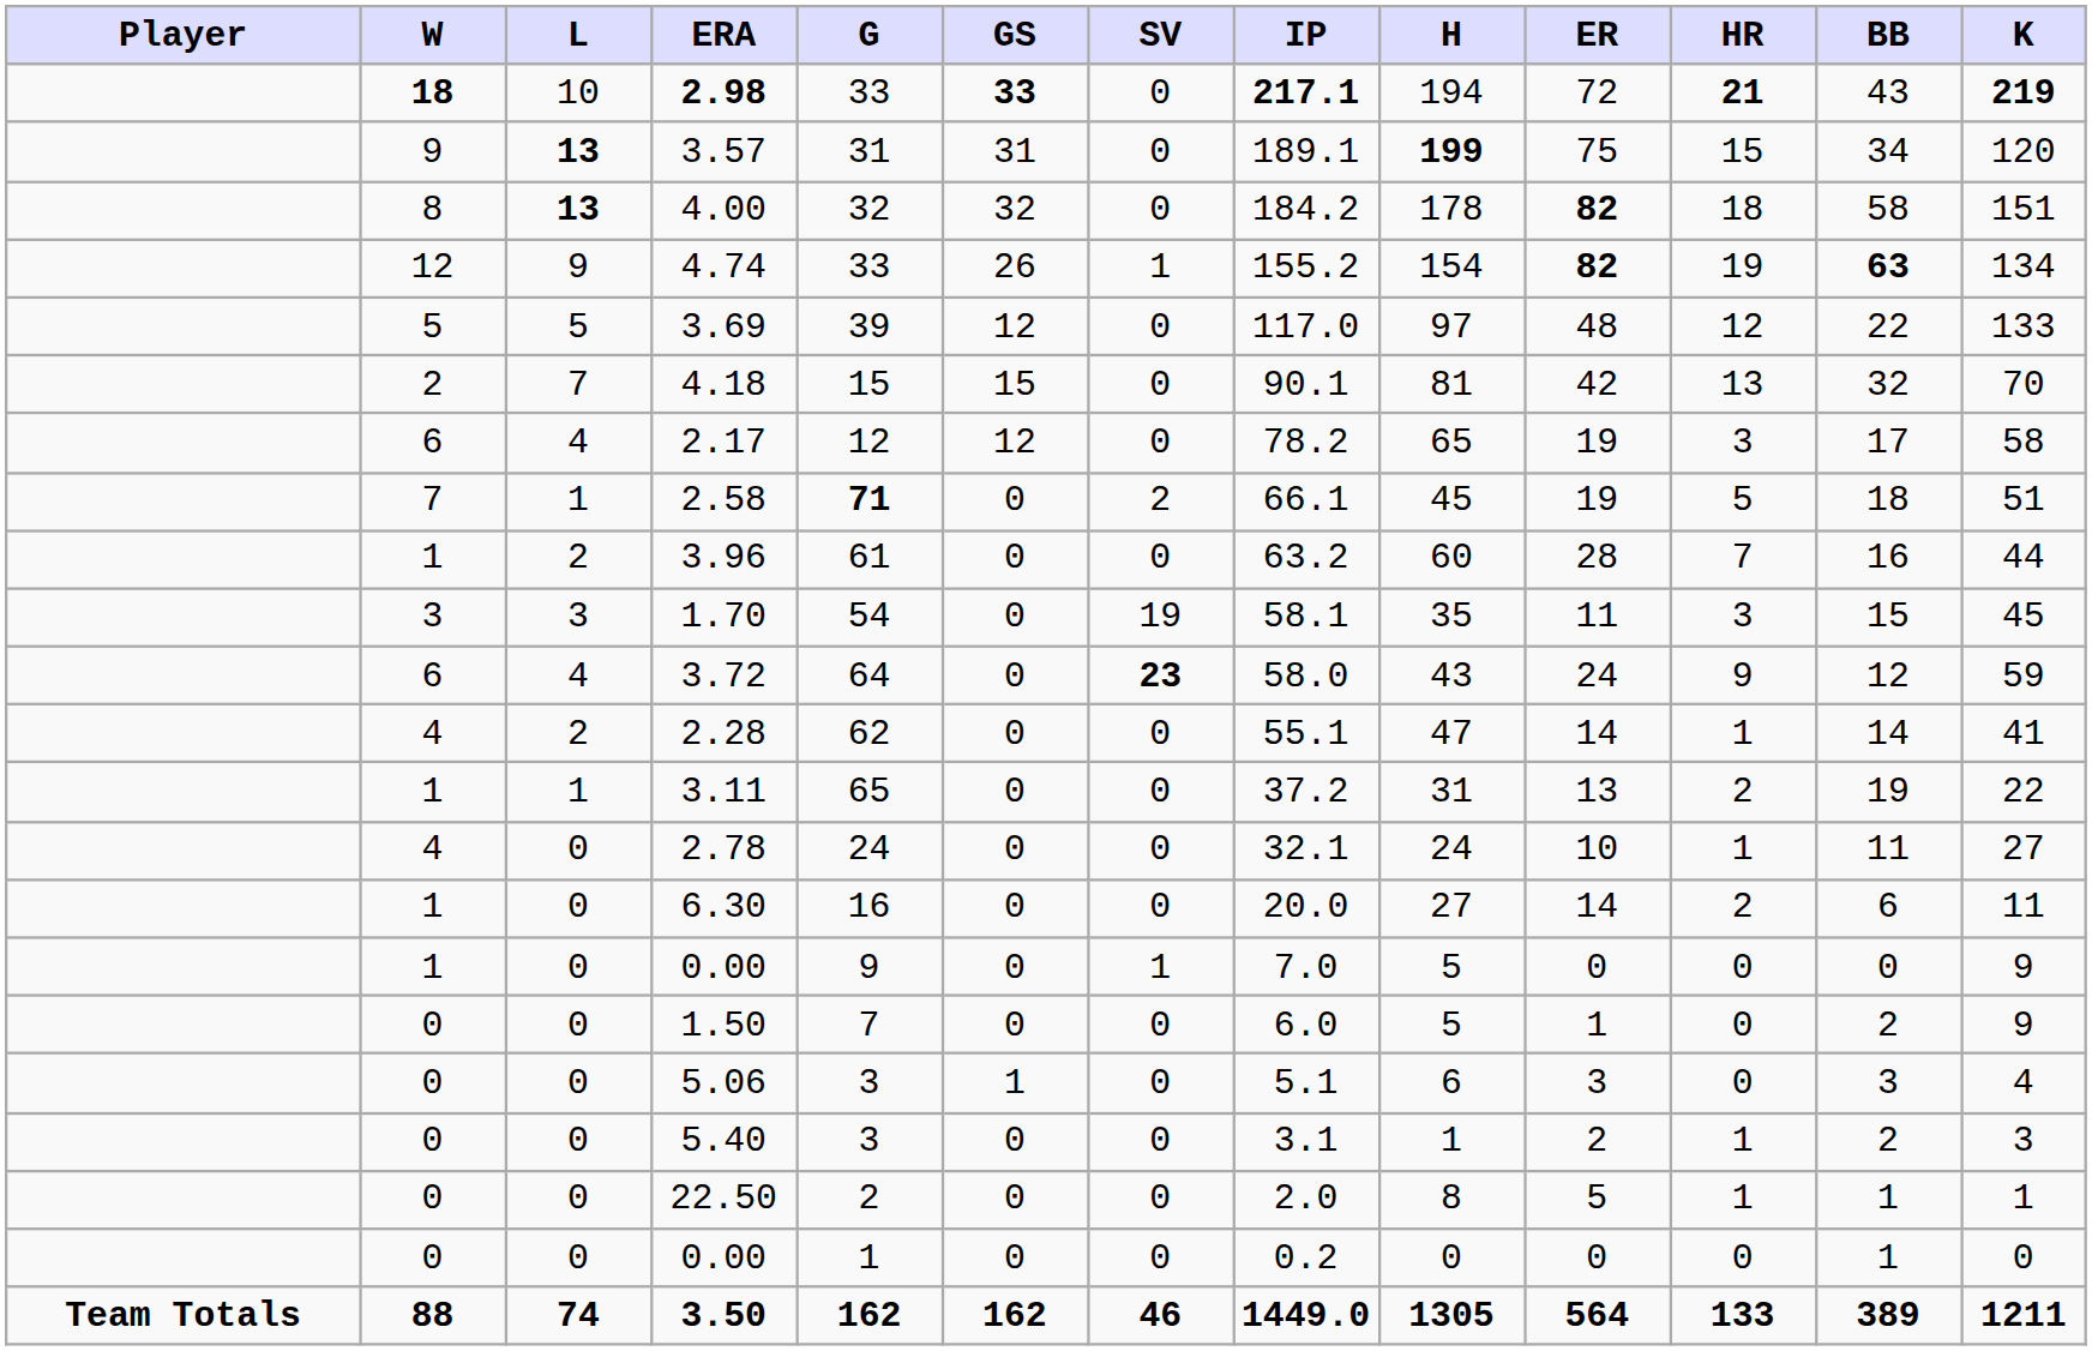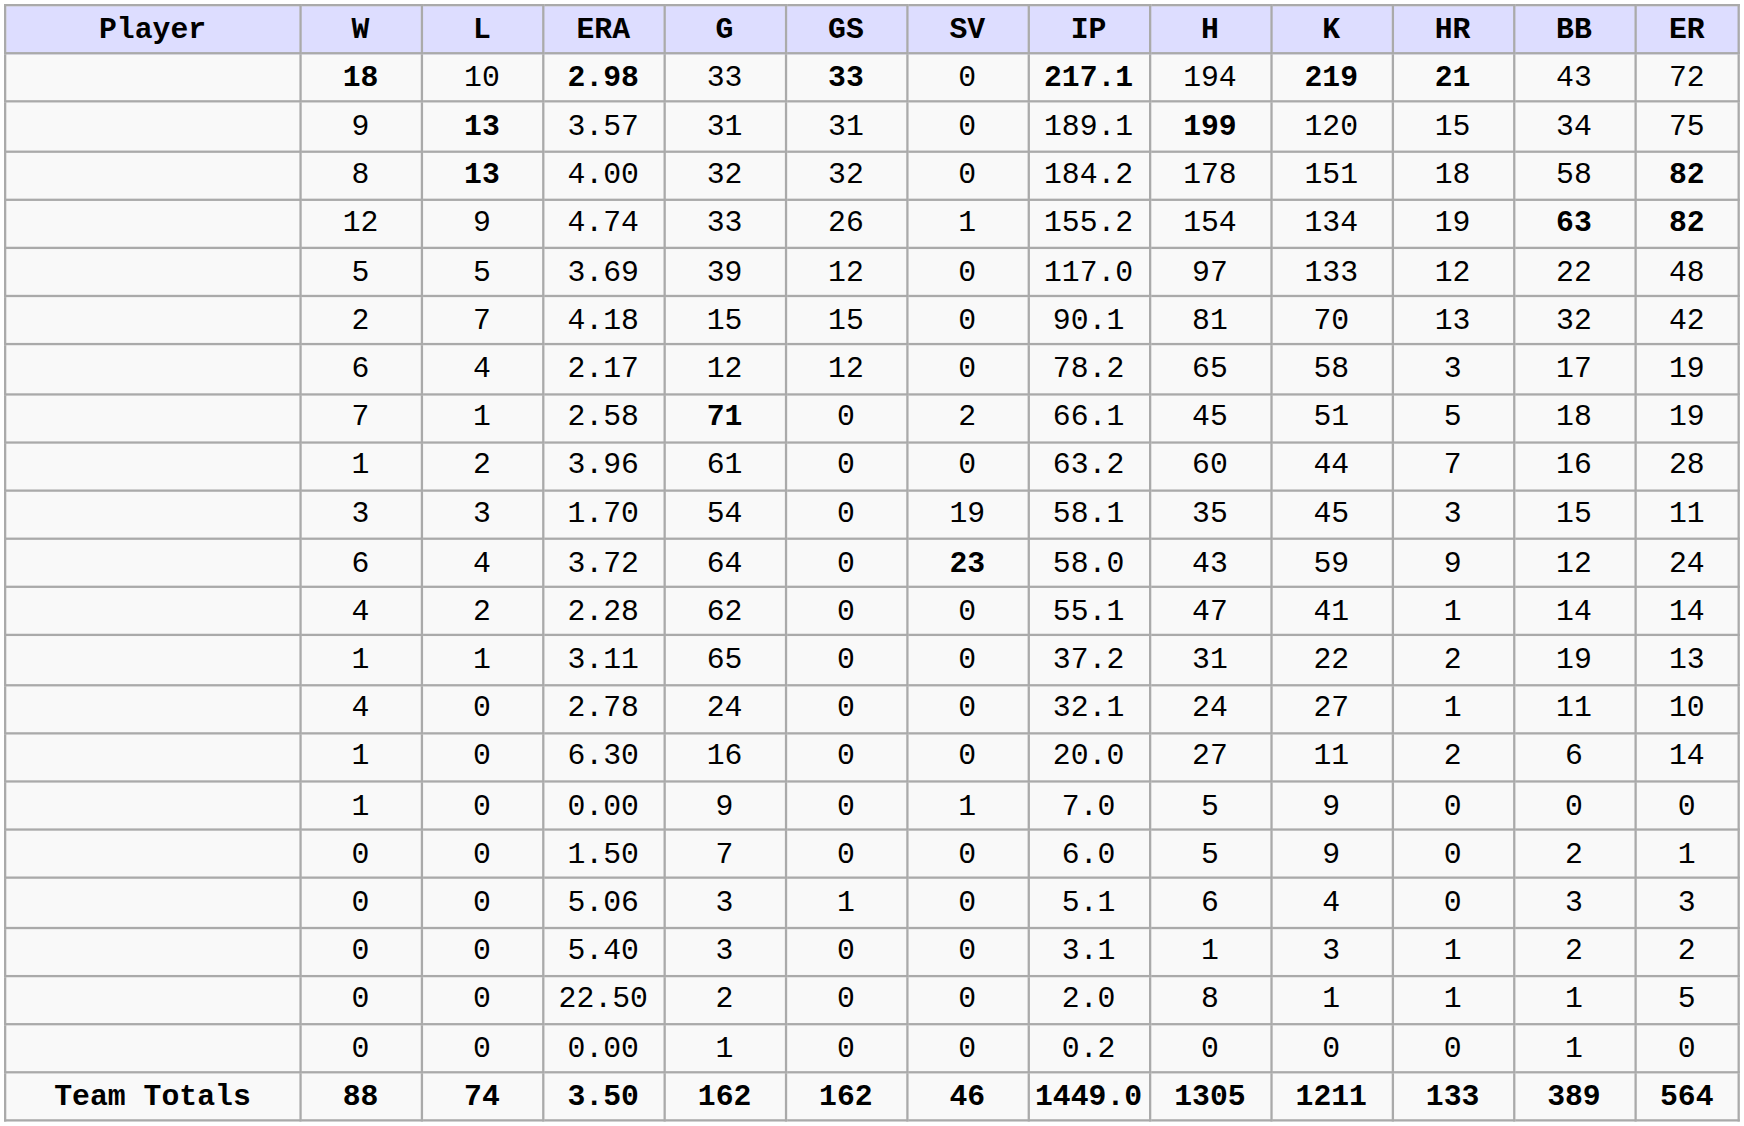 <table class="wikitable sortable" style="text-align:center; border:1px;; cellpadding:2; cellspacing:0;">
 <tr>
 <th style="background:#ddf; width:17%;">Player</th>
 <th style="background:#ddf; width:7%;">W</th>
 <th style="background:#ddf; width:7%;">L</th>
 <th style="background:#ddf; width:7%;">ERA</th>
 <th style="background:#ddf; width:7%;">G</th>
 <th style="background:#ddf; width:7%;">GS</th>
 <th style="background:#ddf; width:7%;">SV</th>
 <th style="background:#ddf; width:7%;">IP</th>
 <th style="background:#ddf; width:7%;">H</th>
-<th style="background:#ddf; width:7%;">ER</th>
+<th style="background:#ddf; width:7%;">K</th>
 <th style="background:#ddf; width:7%;">HR</th>
 <th style="background:#ddf; width:7%;">BB</th>
-<th style="background:#ddf; width:7%;">K</th>
+<th style="background:#ddf; width:7%;">ER</th>
 </tr>
 <tr>
 <td></td>
 <td><strong>18</strong></td>
 <td>10</td>
 <td><strong>2.98</strong></td>
 <td>33</td>
 <td><strong>33</strong></td>
 <td>0</td>
 <td><strong>217.1</strong></td>
 <td>194</td>
-<td>72</td>
+<td><strong>219</strong></td>
 <td><strong>21</strong></td>
 <td>43</td>
-<td><strong>219</strong></td>
+<td>72</td>
 </tr>
 <tr>
 <td></td>
 <td>9</td>
 <td><strong>13</strong></td>
 <td>3.57</td>
 <td>31</td>
 <td>31</td>
 <td>0</td>
 <td>189.1</td>
 <td><strong>199</strong></td>
-<td>75</td>
+<td>120</td>
 <td>15</td>
 <td>34</td>
-<td>120</td>
+<td>75</td>
 </tr>
 <tr>
 <td></td>
 <td>8</td>
 <td><strong>13</strong></td>
 <td>4.00</td>
 <td>32</td>
 <td>32</td>
 <td>0</td>
 <td>184.2</td>
 <td>178</td>
-<td><strong>82</strong></td>
+<td>151</td>
 <td>18</td>
 <td>58</td>
-<td>151</td>
+<td><strong>82</strong></td>
 </tr>
 <tr>
 <td></td>
 <td>12</td>
 <td>9</td>
 <td>4.74</td>
 <td>33</td>
 <td>26</td>
 <td>1</td>
 <td>155.2</td>
 <td>154</td>
-<td><strong>82</strong></td>
+<td>134</td>
 <td>19</td>
 <td><strong>63</strong></td>
-<td>134</td>
+<td><strong>82</strong></td>
 </tr>
 <tr>
 <td></td>
 <td>5</td>
 <td>5</td>
 <td>3.69</td>
 <td>39</td>
 <td>12</td>
 <td>0</td>
 <td>117.0</td>
 <td>97</td>
-<td>48</td>
+<td>133</td>
 <td>12</td>
 <td>22</td>
-<td>133</td>
+<td>48</td>
 </tr>
 <tr>
 <td></td>
 <td>2</td>
 <td>7</td>
 <td>4.18</td>
 <td>15</td>
 <td>15</td>
 <td>0</td>
 <td>90.1</td>
 <td>81</td>
-<td>42</td>
+<td>70</td>
 <td>13</td>
 <td>32</td>
-<td>70</td>
+<td>42</td>
 </tr>
 <tr>
 <td></td>
 <td>6</td>
 <td>4</td>
 <td>2.17</td>
 <td>12</td>
 <td>12</td>
 <td>0</td>
 <td>78.2</td>
 <td>65</td>
-<td>19</td>
+<td>58</td>
 <td>3</td>
 <td>17</td>
-<td>58</td>
+<td>19</td>
 </tr>
 <tr>
 <td></td>
 <td>7</td>
 <td>1</td>
 <td>2.58</td>
 <td><strong>71</strong></td>
 <td>0</td>
 <td>2</td>
 <td>66.1</td>
 <td>45</td>
-<td>19</td>
+<td>51</td>
 <td>5</td>
 <td>18</td>
-<td>51</td>
+<td>19</td>
 </tr>
 <tr>
 <td></td>
 <td>1</td>
 <td>2</td>
 <td>3.96</td>
 <td>61</td>
 <td>0</td>
 <td>0</td>
 <td>63.2</td>
 <td>60</td>
-<td>28</td>
+<td>44</td>
 <td>7</td>
 <td>16</td>
-<td>44</td>
+<td>28</td>
 </tr>
 <tr>
 <td></td>
 <td>3</td>
 <td>3</td>
 <td>1.70</td>
 <td>54</td>
 <td>0</td>
 <td>19</td>
 <td>58.1</td>
 <td>35</td>
-<td>11</td>
+<td>45</td>
 <td>3</td>
 <td>15</td>
-<td>45</td>
+<td>11</td>
 </tr>
 <tr>
 <td></td>
 <td>6</td>
 <td>4</td>
 <td>3.72</td>
 <td>64</td>
 <td>0</td>
 <td><strong>23</strong></td>
 <td>58.0</td>
 <td>43</td>
-<td>24</td>
+<td>59</td>
 <td>9</td>
 <td>12</td>
-<td>59</td>
+<td>24</td>
 </tr>
 <tr>
 <td></td>
 <td>4</td>
 <td>2</td>
 <td>2.28</td>
 <td>62</td>
 <td>0</td>
 <td>0</td>
 <td>55.1</td>
 <td>47</td>
-<td>14</td>
+<td>41</td>
 <td>1</td>
 <td>14</td>
-<td>41</td>
+<td>14</td>
 </tr>
 <tr>
 <td></td>
 <td>1</td>
 <td>1</td>
 <td>3.11</td>
 <td>65</td>
 <td>0</td>
 <td>0</td>
 <td>37.2</td>
 <td>31</td>
-<td>13</td>
+<td>22</td>
 <td>2</td>
 <td>19</td>
-<td>22</td>
+<td>13</td>
 </tr>
 <tr>
 <td></td>
 <td>4</td>
 <td>0</td>
 <td>2.78</td>
 <td>24</td>
 <td>0</td>
 <td>0</td>
 <td>32.1</td>
 <td>24</td>
-<td>10</td>
+<td>27</td>
 <td>1</td>
 <td>11</td>
-<td>27</td>
+<td>10</td>
 </tr>
 <tr>
 <td></td>
 <td>1</td>
 <td>0</td>
 <td>6.30</td>
 <td>16</td>
 <td>0</td>
 <td>0</td>
 <td>20.0</td>
 <td>27</td>
-<td>14</td>
+<td>11</td>
 <td>2</td>
 <td>6</td>
-<td>11</td>
+<td>14</td>
 </tr>
 <tr>
 <td></td>
 <td>1</td>
 <td>0</td>
 <td>0.00</td>
 <td>9</td>
 <td>0</td>
 <td>1</td>
 <td>7.0</td>
 <td>5</td>
+<td>9</td>
 <td>0</td>
 <td>0</td>
 <td>0</td>
-<td>9</td>
 </tr>
 <tr>
 <td></td>
 <td>0</td>
 <td>0</td>
 <td>1.50</td>
 <td>7</td>
 <td>0</td>
 <td>0</td>
 <td>6.0</td>
 <td>5</td>
-<td>1</td>
+<td>9</td>
 <td>0</td>
 <td>2</td>
-<td>9</td>
+<td>1</td>
 </tr>
 <tr>
 <td></td>
 <td>0</td>
 <td>0</td>
 <td>5.06</td>
 <td>3</td>
 <td>1</td>
 <td>0</td>
 <td>5.1</td>
 <td>6</td>
-<td>3</td>
+<td>4</td>
 <td>0</td>
 <td>3</td>
-<td>4</td>
+<td>3</td>
 </tr>
 <tr>
 <td></td>
 <td>0</td>
 <td>0</td>
 <td>5.40</td>
 <td>3</td>
 <td>0</td>
 <td>0</td>
 <td>3.1</td>
 <td>1</td>
-<td>2</td>
+<td>3</td>
 <td>1</td>
 <td>2</td>
-<td>3</td>
+<td>2</td>
 </tr>
 <tr>
 <td></td>
 <td>0</td>
 <td>0</td>
 <td>22.50</td>
 <td>2</td>
 <td>0</td>
 <td>0</td>
 <td>2.0</td>
 <td>8</td>
-<td>5</td>
 <td>1</td>
 <td>1</td>
 <td>1</td>
+<td>5</td>
 </tr>
 <tr>
 <td></td>
 <td>0</td>
 <td>0</td>
 <td>0.00</td>
 <td>1</td>
 <td>0</td>
 <td>0</td>
 <td>0.2</td>
 <td>0</td>
 <td>0</td>
 <td>0</td>
 <td>1</td>
 <td>0</td>
 </tr>
 <tr>
 <td><strong>Team Totals</strong></td>
 <td><strong>88</strong></td>
 <td><strong>74</strong></td>
 <td><strong>3.50</strong></td>
 <td><strong>162</strong></td>
 <td><strong>162</strong></td>
 <td><strong>46</strong></td>
 <td><strong>1449.0</strong></td>
 <td><strong>1305</strong></td>
-<td><strong>564</strong></td>
+<td><strong>1211</strong></td>
 <td><strong>133</strong></td>
 <td><strong>389</strong></td>
-<td><strong>1211</strong></td>
+<td><strong>564</strong></td>
 </tr>
 </table>
